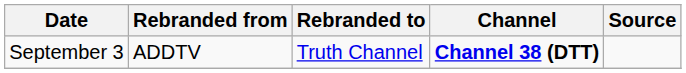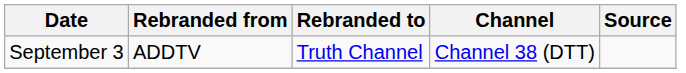 <table class="wikitable">
 <tr>
 <th>Date</th>
 <th>Rebranded from</th>
 <th>Rebranded to</th>
 <th>Channel</th>
 <th>Source</th>
 </tr>
 <tr>
 <td>September 3</td>
 <td>ADDTV</td>
 <td><a href='#'>Truth Channel</a></td>
-<td><strong><a href='#'>Channel 38</a> (DTT)</strong></td>
+<td><a href='#'>Channel 38</a> (DTT)</td>
 <td></td>
 </tr>
 <tr>
 </tr>
 </table>
